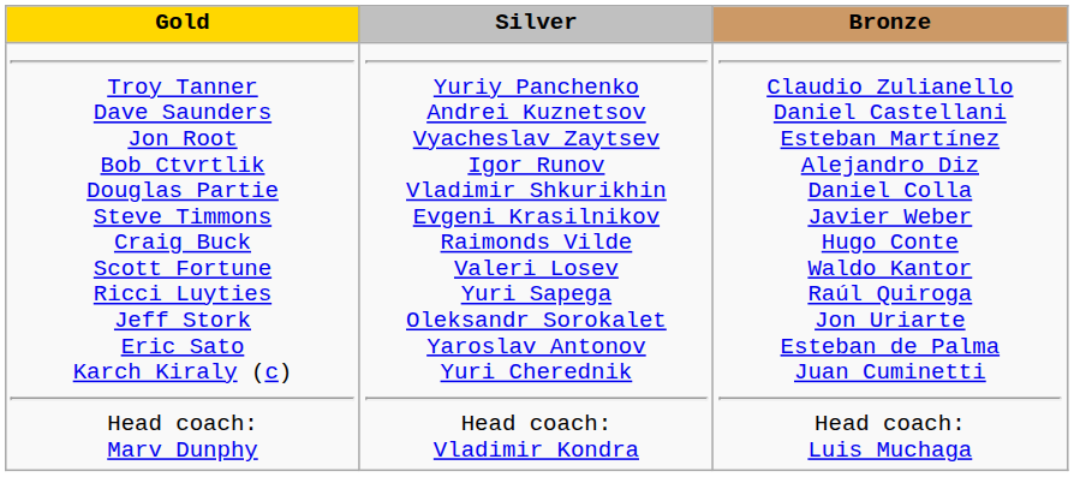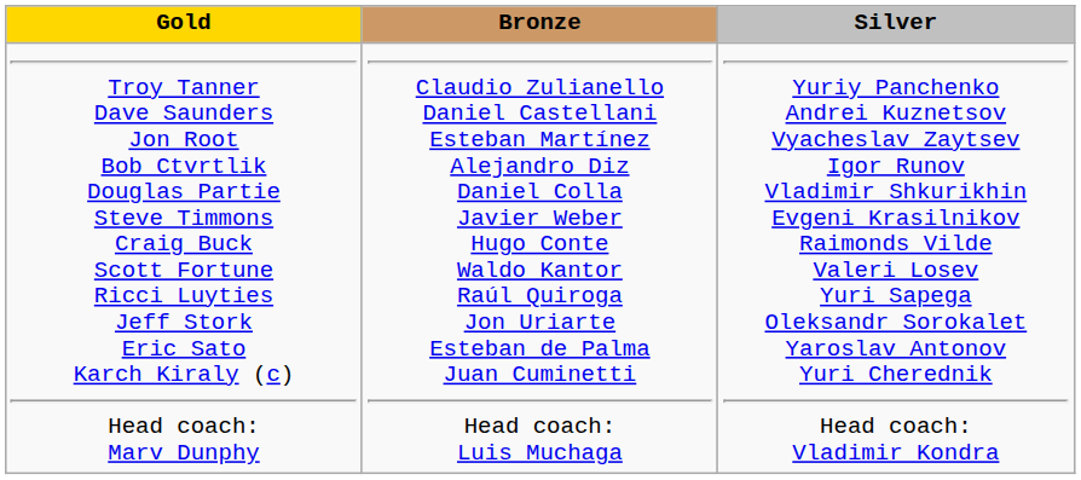 <table class="wikitable" style="text-align:center; font-size:95%;">
 <tr>
 <th style="width:15em; background:gold">Gold</th>
+<th style="width:15em; background:#cc9966">Bronze</th>
 <th style="width:15em; background:silver">Silver</th>
-<th style="width:15em; background:#cc9966">Bronze</th>
 </tr>
 <tr>
 <td><hr><a href='#'>Troy Tanner</a><br><a href='#'>Dave Saunders</a><br><a href='#'>Jon Root</a><br><a href='#'>Bob Ctvrtlik</a><br><a href='#'>Douglas Partie</a><br><a href='#'>Steve Timmons</a><br><a href='#'>Craig Buck</a><br><a href='#'>Scott Fortune</a><br><a href='#'>Ricci Luyties</a><br><a href='#'>Jeff Stork</a><br><a href='#'>Eric Sato</a><br><a href='#'>Karch Kiraly</a> (<a href='#'>c</a>)<br><hr>Head coach:<br><a href='#'>Marv Dunphy</a></td>
+<td><hr><a href='#'>Claudio Zulianello</a><br><a href='#'>Daniel Castellani</a><br><a href='#'>Esteban Martínez</a><br><a href='#'>Alejandro Diz</a><br><a href='#'>Daniel Colla</a><br><a href='#'>Javier Weber</a><br><a href='#'>Hugo Conte</a><br><a href='#'>Waldo Kantor</a><br><a href='#'>Raúl Quiroga</a><br><a href='#'>Jon Uriarte</a><br><a href='#'>Esteban de Palma</a><br><a href='#'>Juan Cuminetti</a><br><hr>Head coach:<br><a href='#'>Luis Muchaga</a></td>
 <td><hr><a href='#'>Yuriy Panchenko</a><br><a href='#'>Andrei Kuznetsov</a><br><a href='#'>Vyacheslav Zaytsev</a><br><a href='#'>Igor Runov</a><br><a href='#'>Vladimir Shkurikhin</a><br><a href='#'>Evgeni Krasilnikov</a><br><a href='#'>Raimonds Vilde</a><br><a href='#'>Valeri Losev</a><br><a href='#'>Yuri Sapega</a><br><a href='#'>Oleksandr Sorokalet</a><br><a href='#'>Yaroslav Antonov</a><br><a href='#'>Yuri Cherednik</a><br><hr>Head coach:<br><a href='#'>Vladimir Kondra</a></td>
-<td><hr><a href='#'>Claudio Zulianello</a><br><a href='#'>Daniel Castellani</a><br><a href='#'>Esteban Martínez</a><br><a href='#'>Alejandro Diz</a><br><a href='#'>Daniel Colla</a><br><a href='#'>Javier Weber</a><br><a href='#'>Hugo Conte</a><br><a href='#'>Waldo Kantor</a><br><a href='#'>Raúl Quiroga</a><br><a href='#'>Jon Uriarte</a><br><a href='#'>Esteban de Palma</a><br><a href='#'>Juan Cuminetti</a><br><hr>Head coach:<br><a href='#'>Luis Muchaga</a></td>
 </tr>
 </table>
